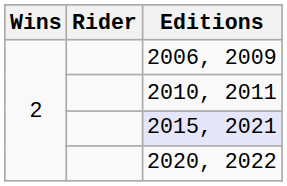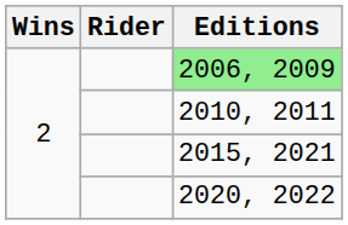 <table class="wikitable">
 <tr>
 <th>Wins</th>
 <th>Rider</th>
 <th>Editions</th>
 </tr>
 <tr>
 <td align=center rowspan= 4>2</td>
 <td></td>
-<td>2006, 2009</td>
+<td style="background: lightgreen;">2006, 2009</td>
 </tr>
 <tr>
 <td></td>
 <td>2010, 2011</td>
 </tr>
 <tr>
 <td></td>
-<td style="background: lavender;">2015, 2021</td>
+<td>2015, 2021</td>
 </tr>
 <tr>
 <td></td>
 <td>2020, 2022</td>
 </tr>
 </table>
